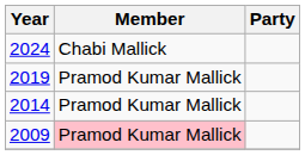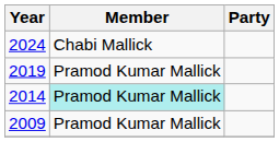 <table class="wikitable sortable">
 <tr>
 <th>Year</th>
 <th>Member</th>
 <th colspan=2>Party</th>
 </tr>
 <tr>
 <td><a href='#'>2024</a></td>
 <td>Chabi Mallick</td>
 <td></td>
 </tr>
 <tr>
 <td><a href='#'>2019</a></td>
 <td>Pramod Kumar Mallick</td>
 <td></td>
 </tr>
 <tr>
 <td><a href='#'>2014</a></td>
-<td>Pramod Kumar Mallick</td>
+<td style="background: paleturquoise;">Pramod Kumar Mallick</td>
 <td></td>
 </tr>
 <tr>
 <td><a href='#'>2009</a></td>
-<td style="background: pink;">Pramod Kumar Mallick</td>
+<td>Pramod Kumar Mallick</td>
 <td></td>
 </tr>
 <tr>
 </tr>
 </table>
